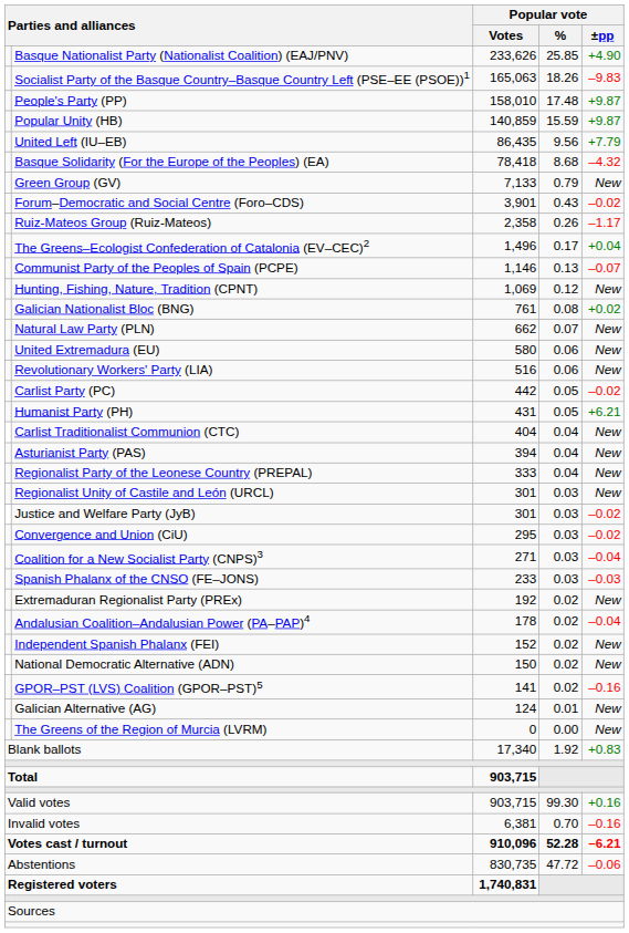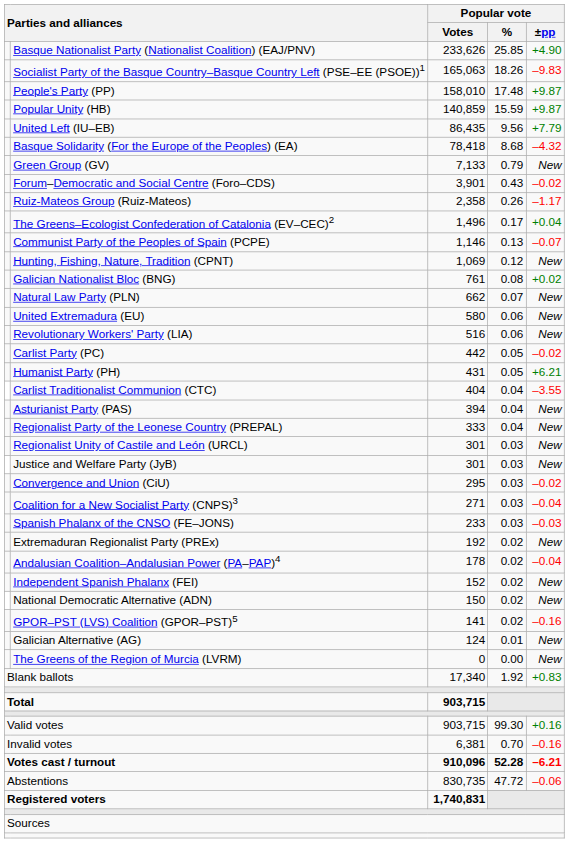 <table class="wikitable" style="text-align:right">
 <tr>
 <th style="text-align:left;" rowspan="2" colspan="2" width="525">Parties and alliances</th>
 <th colspan="3">Popular vote</th>
 </tr>
 <tr>
 <th width="75">Votes</th>
 <th width="45">%</th>
 <th width="45">±<a href='#'>pp</a></th>
 </tr>
 <tr>
 <td width="1" style="color:inherit;background:"></td>
 <td align="left"><a href='#'>Basque Nationalist Party</a> (<a href='#'>Nationalist Coalition</a>) (EAJ/PNV)</td>
 <td>233,626</td>
 <td>25.85</td>
 <td style="color:green;">+4.90</td>
 </tr>
 <tr>
 <td style="color:inherit;background:"></td>
 <td align="left"><a href='#'>Socialist Party of the Basque Country–Basque Country Left</a> (PSE–EE (PSOE))<sup>1</sup></td>
 <td>165,063</td>
 <td>18.26</td>
 <td style="color:red;">–9.83</td>
 </tr>
 <tr>
 <td style="color:inherit;background:"></td>
 <td align="left"><a href='#'>People's Party</a> (PP)</td>
 <td>158,010</td>
 <td>17.48</td>
 <td style="color:green;">+9.87</td>
 </tr>
 <tr>
 <td style="color:inherit;background:"></td>
 <td align="left"><a href='#'>Popular Unity</a> (HB)</td>
 <td>140,859</td>
 <td>15.59</td>
 <td style="color:green;">+9.87</td>
 </tr>
 <tr>
 <td style="color:inherit;background:"></td>
 <td align="left"><a href='#'>United Left</a> (IU–EB)</td>
 <td>86,435</td>
 <td>9.56</td>
 <td style="color:green;">+7.79</td>
 </tr>
 <tr>
 <td style="color:inherit;background:"></td>
 <td align="left"><a href='#'>Basque Solidarity</a> (<a href='#'>For the Europe of the Peoples</a>) (EA)</td>
 <td>78,418</td>
 <td>8.68</td>
 <td style="color:red;">–4.32</td>
 </tr>
 <tr>
 <td style="color:inherit;background:"></td>
 <td align="left"><a href='#'>Green Group</a> (GV)</td>
 <td>7,133</td>
 <td>0.79</td>
 <td><em>New</em></td>
 </tr>
 <tr>
 <td style="color:inherit;background:"></td>
 <td align="left"><a href='#'>Forum</a>–<a href='#'>Democratic and Social Centre</a> (Foro–CDS)</td>
 <td>3,901</td>
 <td>0.43</td>
 <td style="color:red;">–0.02</td>
 </tr>
 <tr>
 <td style="color:inherit;background:"></td>
 <td align="left"><a href='#'>Ruiz-Mateos Group</a> (Ruiz-Mateos)</td>
 <td>2,358</td>
 <td>0.26</td>
 <td style="color:red;">–1.17</td>
 </tr>
 <tr>
 <td style="color:inherit;background:"></td>
 <td align="left"><a href='#'>The Greens–Ecologist Confederation of Catalonia</a> (EV–CEC)<sup>2</sup></td>
 <td>1,496</td>
 <td>0.17</td>
 <td style="color:green;">+0.04</td>
 </tr>
 <tr>
 <td style="color:inherit;background:"></td>
 <td align="left"><a href='#'>Communist Party of the Peoples of Spain</a> (PCPE)</td>
 <td>1,146</td>
 <td>0.13</td>
 <td style="color:red;">–0.07</td>
 </tr>
 <tr>
 <td style="color:inherit;background:"></td>
 <td align="left"><a href='#'>Hunting, Fishing, Nature, Tradition</a> (CPNT)</td>
 <td>1,069</td>
 <td>0.12</td>
 <td><em>New</em></td>
 </tr>
 <tr>
 <td style="color:inherit;background:"></td>
 <td align="left"><a href='#'>Galician Nationalist Bloc</a> (BNG)</td>
 <td>761</td>
 <td>0.08</td>
 <td style="color:green;">+0.02</td>
 </tr>
 <tr>
 <td style="color:inherit;background:"></td>
 <td align="left"><a href='#'>Natural Law Party</a> (PLN)</td>
 <td>662</td>
 <td>0.07</td>
 <td><em>New</em></td>
 </tr>
 <tr>
 <td style="color:inherit;background:"></td>
 <td align="left"><a href='#'>United Extremadura</a> (EU)</td>
 <td>580</td>
 <td>0.06</td>
 <td><em>New</em></td>
 </tr>
 <tr>
 <td style="color:inherit;background:"></td>
 <td align="left"><a href='#'>Revolutionary Workers' Party</a> (LIA)</td>
 <td>516</td>
 <td>0.06</td>
 <td><em>New</em></td>
 </tr>
 <tr>
 <td style="color:inherit;background:"></td>
 <td align="left"><a href='#'>Carlist Party</a> (PC)</td>
 <td>442</td>
 <td>0.05</td>
 <td style="color:red;">–0.02</td>
 </tr>
 <tr>
 <td style="color:inherit;background:"></td>
 <td align="left"><a href='#'>Humanist Party</a> (PH)</td>
 <td>431</td>
 <td>0.05</td>
 <td style="color:green;">+6.21</td>
 </tr>
 <tr>
 <td bgcolor="white"></td>
 <td align="left"><a href='#'>Carlist Traditionalist Communion</a> (CTC)</td>
 <td>404</td>
 <td>0.04</td>
-<td><em>New</em></td>
+<td style="color:red;">–3.55</td>
 </tr>
 <tr>
 <td style="color:inherit;background:"></td>
 <td align="left"><a href='#'>Asturianist Party</a> (PAS)</td>
 <td>394</td>
 <td>0.04</td>
 <td><em>New</em></td>
 </tr>
 <tr>
 <td style="color:inherit;background:"></td>
 <td align="left"><a href='#'>Regionalist Party of the Leonese Country</a> (PREPAL)</td>
 <td>333</td>
 <td>0.04</td>
 <td><em>New</em></td>
 </tr>
 <tr>
 <td style="color:inherit;background:"></td>
 <td align="left"><a href='#'>Regionalist Unity of Castile and León</a> (URCL)</td>
 <td>301</td>
 <td>0.03</td>
 <td><em>New</em></td>
 </tr>
 <tr>
 <td bgcolor="white"></td>
 <td align="left">Justice and Welfare Party (JyB)</td>
 <td>301</td>
 <td>0.03</td>
-<td style="color:red;">–0.02</td>
+<td><em>New</em></td>
 </tr>
 <tr>
 <td style="color:inherit;background:"></td>
 <td align="left"><a href='#'>Convergence and Union</a> (CiU)</td>
 <td>295</td>
 <td>0.03</td>
 <td style="color:red;">–0.02</td>
 </tr>
 <tr>
 <td style="color:inherit;background:"></td>
 <td align="left"><a href='#'>Coalition for a New Socialist Party</a> (CNPS)<sup>3</sup></td>
 <td>271</td>
 <td>0.03</td>
 <td style="color:red;">–0.04</td>
 </tr>
 <tr>
 <td style="color:inherit;background:"></td>
 <td align="left"><a href='#'>Spanish Phalanx of the CNSO</a> (FE–JONS)</td>
 <td>233</td>
 <td>0.03</td>
 <td style="color:red;">–0.03</td>
 </tr>
 <tr>
 <td style="color:inherit;background:"></td>
 <td align="left">Extremaduran Regionalist Party (PREx)</td>
 <td>192</td>
 <td>0.02</td>
 <td><em>New</em></td>
 </tr>
 <tr>
 <td style="color:inherit;background:"></td>
 <td align="left"><a href='#'>Andalusian Coalition–Andalusian Power</a> (<a href='#'>PA</a>–<a href='#'>PAP</a>)<sup>4</sup></td>
 <td>178</td>
 <td>0.02</td>
 <td style="color:red;">–0.04</td>
 </tr>
 <tr>
 <td style="color:inherit;background:"></td>
 <td align="left"><a href='#'>Independent Spanish Phalanx</a> (FEI)</td>
 <td>152</td>
 <td>0.02</td>
 <td><em>New</em></td>
 </tr>
 <tr>
 <td bgcolor="white"></td>
 <td align="left">National Democratic Alternative (ADN)</td>
 <td>150</td>
 <td>0.02</td>
 <td><em>New</em></td>
 </tr>
 <tr>
 <td style="color:inherit;background:"></td>
 <td align="left"><a href='#'>GPOR–PST (LVS) Coalition</a> (GPOR–PST)<sup>5</sup></td>
 <td>141</td>
 <td>0.02</td>
 <td style="color:red;">–0.16</td>
 </tr>
 <tr>
 <td style="color:inherit;background:"></td>
 <td align="left">Galician Alternative (AG)</td>
 <td>124</td>
 <td>0.01</td>
 <td><em>New</em></td>
 </tr>
 <tr>
 <td style="color:inherit;background:"></td>
 <td align="left"><a href='#'>The Greens of the Region of Murcia</a> (LVRM)</td>
 <td>0</td>
 <td>0.00</td>
 <td><em>New</em></td>
 </tr>
 <tr>
 <td align="left" colspan="2">Blank ballots</td>
 <td>17,340</td>
 <td>1.92</td>
 <td style="color:green;">+0.83</td>
 </tr>
 <tr>
 <td colspan="5" bgcolor="#E9E9E9"></td>
 </tr>
 <tr style="font-weight:bold;">
 <td align="left" colspan="2">Total</td>
 <td>903,715</td>
 <td bgcolor="#E9E9E9" colspan="2"></td>
 </tr>
 <tr>
 <td colspan="5" bgcolor="#E9E9E9"></td>
 </tr>
 <tr>
 <td align="left" colspan="2">Valid votes</td>
 <td>903,715</td>
 <td>99.30</td>
 <td style="color:green;">+0.16</td>
 </tr>
 <tr>
 <td align="left" colspan="2">Invalid votes</td>
 <td>6,381</td>
 <td>0.70</td>
 <td style="color:red;">–0.16</td>
 </tr>
 <tr style="font-weight:bold;">
 <td align="left" colspan="2">Votes cast / turnout</td>
 <td>910,096</td>
 <td>52.28</td>
 <td style="color:red;">–6.21</td>
 </tr>
 <tr>
 <td align="left" colspan="2">Abstentions</td>
 <td>830,735</td>
 <td>47.72</td>
 <td style="color:red;">–0.06</td>
 </tr>
 <tr style="font-weight:bold;">
 <td align="left" colspan="2">Registered voters</td>
 <td>1,740,831</td>
 <td bgcolor="#E9E9E9" colspan="2"></td>
 </tr>
 <tr>
 <td colspan="5" bgcolor="#E9E9E9"></td>
 </tr>
 <tr>
 <td align="left" colspan="5">Sources</td>
 </tr>
 <tr>
 <td colspan="5" style="text-align:left; max-width:680px;"></td>
 </tr>
 </table>
